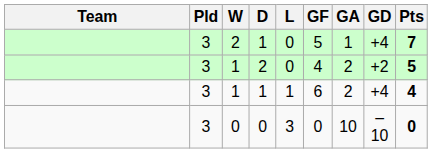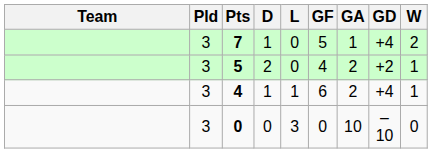 <table class="wikitable" style="text-align:center;">
 <tr>
 <th width=180>Team</th>
 <th width=20>Pld</th>
-<th width=20>W</th>
+<th width=20>Pts</th>
 <th width=20>D</th>
 <th width=20>L</th>
 <th width=20>GF</th>
 <th width=20>GA</th>
 <th width=25>GD</th>
-<th width=20>Pts</th>
+<th width=20>W</th>
 </tr>
 <tr bgcolor=#ccffcc>
 <td align="left"></td>
 <td>3</td>
-<td>2</td>
+<td><strong>7</strong></td>
 <td>1</td>
 <td>0</td>
 <td>5</td>
 <td>1</td>
 <td>+4</td>
-<td><strong>7</strong></td>
+<td>2</td>
 </tr>
 <tr bgcolor=#ccffcc>
 <td align="left"></td>
 <td>3</td>
-<td>1</td>
+<td><strong>5</strong></td>
 <td>2</td>
 <td>0</td>
 <td>4</td>
 <td>2</td>
 <td>+2</td>
-<td><strong>5</strong></td>
+<td>1</td>
 </tr>
 <tr>
 <td align="left"><em></em></td>
 <td>3</td>
-<td>1</td>
+<td><strong>4</strong></td>
 <td>1</td>
 <td>1</td>
 <td>6</td>
 <td>2</td>
 <td>+4</td>
-<td><strong>4</strong></td>
+<td>1</td>
 </tr>
 <tr>
 <td align="left"></td>
 <td>3</td>
-<td>0</td>
+<td><strong>0</strong></td>
 <td>0</td>
 <td>3</td>
 <td>0</td>
 <td>10</td>
 <td>–10</td>
-<td><strong>0</strong></td>
+<td>0</td>
 </tr>
 </table>
